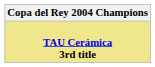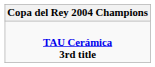 <table class=wikitable style="text-align:center; margin:auto">
 <tr>
 <th>Copa del Rey 2004 Champions</th>
 </tr>
 <tr>
-<td style="background: khaki;"><br> <strong><a href='#'>TAU Cerámica</a></strong> <br> <strong>3rd title</strong></td>
+<td><br> <strong><a href='#'>TAU Cerámica</a></strong> <br> <strong>3rd title</strong></td>
 </tr>
 </table>
